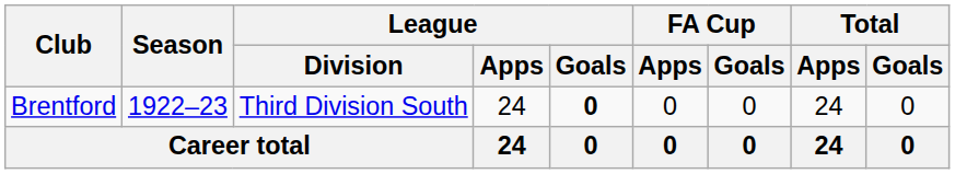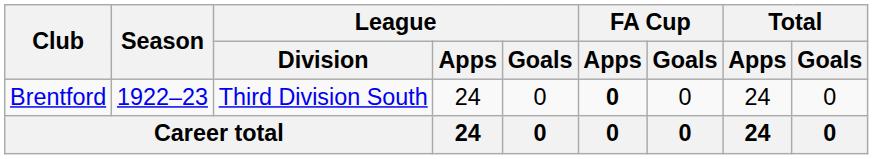 <table class="wikitable" style="text-align: center;">
 <tr>
 <th rowspan="2">Club</th>
 <th rowspan="2">Season</th>
 <th colspan="3">League</th>
 <th colspan="2">FA Cup</th>
 <th colspan="2">Total</th>
 </tr>
 <tr>
 <th>Division</th>
 <th>Apps</th>
 <th>Goals</th>
 <th>Apps</th>
 <th>Goals</th>
 <th>Apps</th>
 <th>Goals</th>
 </tr>
 <tr>
 <td><a href='#'>Brentford</a></td>
 <td><a href='#'>1922–23</a></td>
 <td><a href='#'>Third Division South</a></td>
 <td>24</td>
+<td>0</td>
 <td><strong>0</strong></td>
-<td>0</td>
 <td>0</td>
 <td>24</td>
 <td>0</td>
 </tr>
 <tr>
 <th colspan="3">Career total</th>
 <th>24</th>
 <th>0</th>
 <th>0</th>
 <th>0</th>
 <th>24</th>
 <th>0</th>
 </tr>
 </table>
